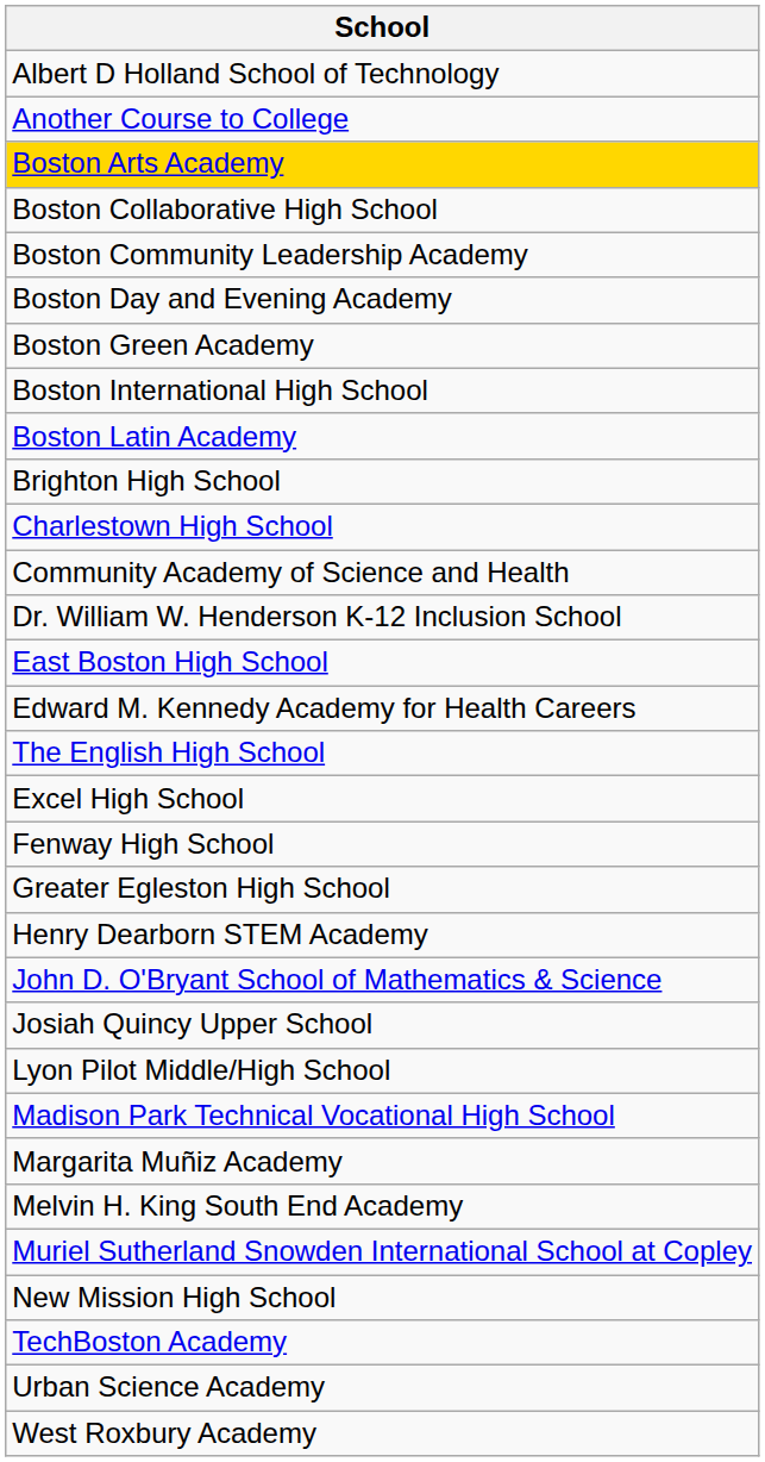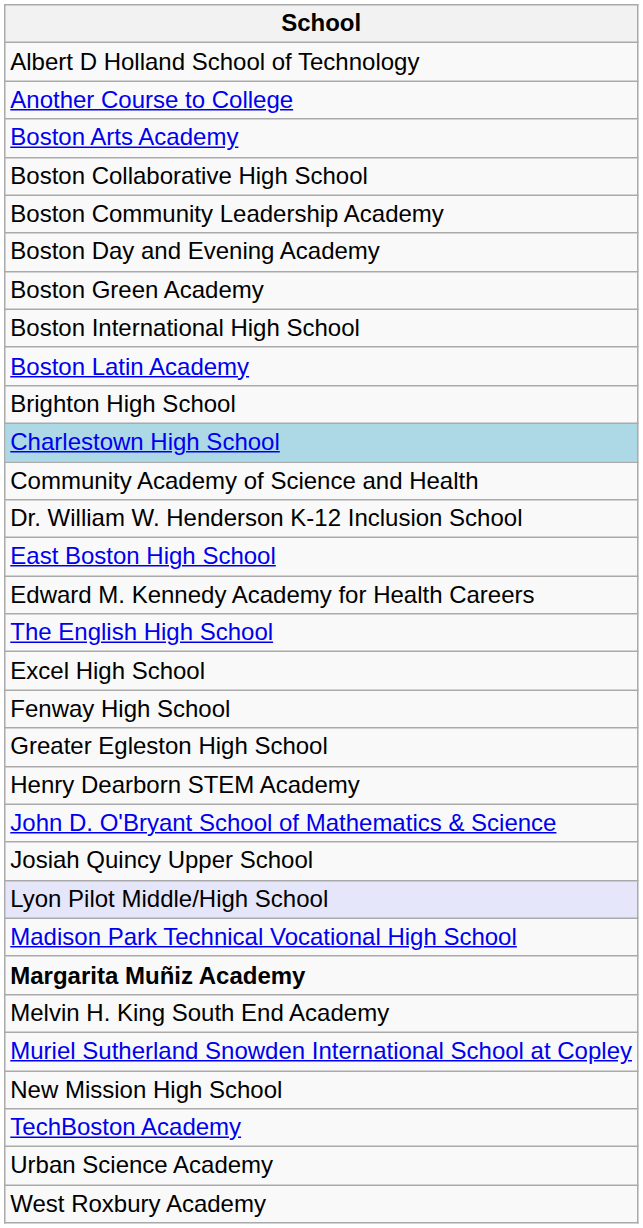 <table class="wikitable">
 <tr>
 <th>School</th>
 </tr>
 <tr>
 <td>Albert D Holland School of Technology</td>
 </tr>
 <tr>
 <td><a href='#'>Another Course to College</a></td>
 </tr>
 <tr>
-<td style="background: gold;"><a href='#'>Boston Arts Academy</a></td>
+<td><a href='#'>Boston Arts Academy</a></td>
 </tr>
 <tr>
 <td>Boston Collaborative High School</td>
 </tr>
 <tr>
 <td>Boston Community Leadership Academy</td>
 </tr>
 <tr>
 <td>Boston Day and Evening Academy</td>
 </tr>
 <tr>
 <td>Boston Green Academy</td>
 </tr>
 <tr>
 <td>Boston International High School</td>
 </tr>
 <tr>
 <td><a href='#'>Boston Latin Academy</a></td>
 </tr>
 <tr>
 <td>Brighton High School</td>
 </tr>
 <tr>
-<td><a href='#'>Charlestown High School</a></td>
+<td style="background: lightblue;"><a href='#'>Charlestown High School</a></td>
 </tr>
 <tr>
 <td>Community Academy of Science and Health</td>
 </tr>
 <tr>
 <td>Dr. William W. Henderson K-12 Inclusion School</td>
 </tr>
 <tr>
 <td><a href='#'>East Boston High School</a></td>
 </tr>
 <tr>
 <td>Edward M. Kennedy Academy for Health Careers</td>
 </tr>
 <tr>
 <td><a href='#'>The English High School</a></td>
 </tr>
 <tr>
 <td>Excel High School</td>
 </tr>
 <tr>
 <td>Fenway High School</td>
 </tr>
 <tr>
 <td>Greater Egleston High School</td>
 </tr>
 <tr>
 <td>Henry Dearborn STEM Academy</td>
 </tr>
 <tr>
 <td><a href='#'>John D. O'Bryant School of Mathematics & Science</a></td>
 </tr>
 <tr>
 <td>Josiah Quincy Upper School</td>
 </tr>
 <tr>
-<td>Lyon Pilot Middle/High School</td>
+<td style="background: lavender;">Lyon Pilot Middle/High School</td>
 </tr>
 <tr>
 <td><a href='#'>Madison Park Technical Vocational High School</a></td>
 </tr>
 <tr>
-<td>Margarita Muñiz Academy</td>
+<td><strong>Margarita Muñiz Academy</strong></td>
 </tr>
 <tr>
 <td>Melvin H. King South End Academy</td>
 </tr>
 <tr>
 <td><a href='#'>Muriel Sutherland Snowden International School at Copley</a></td>
 </tr>
 <tr>
 <td>New Mission High School</td>
 </tr>
 <tr>
 <td><a href='#'>TechBoston Academy</a></td>
 </tr>
 <tr>
 <td>Urban Science Academy</td>
 </tr>
 <tr>
 <td>West Roxbury Academy</td>
 </tr>
 </table>
